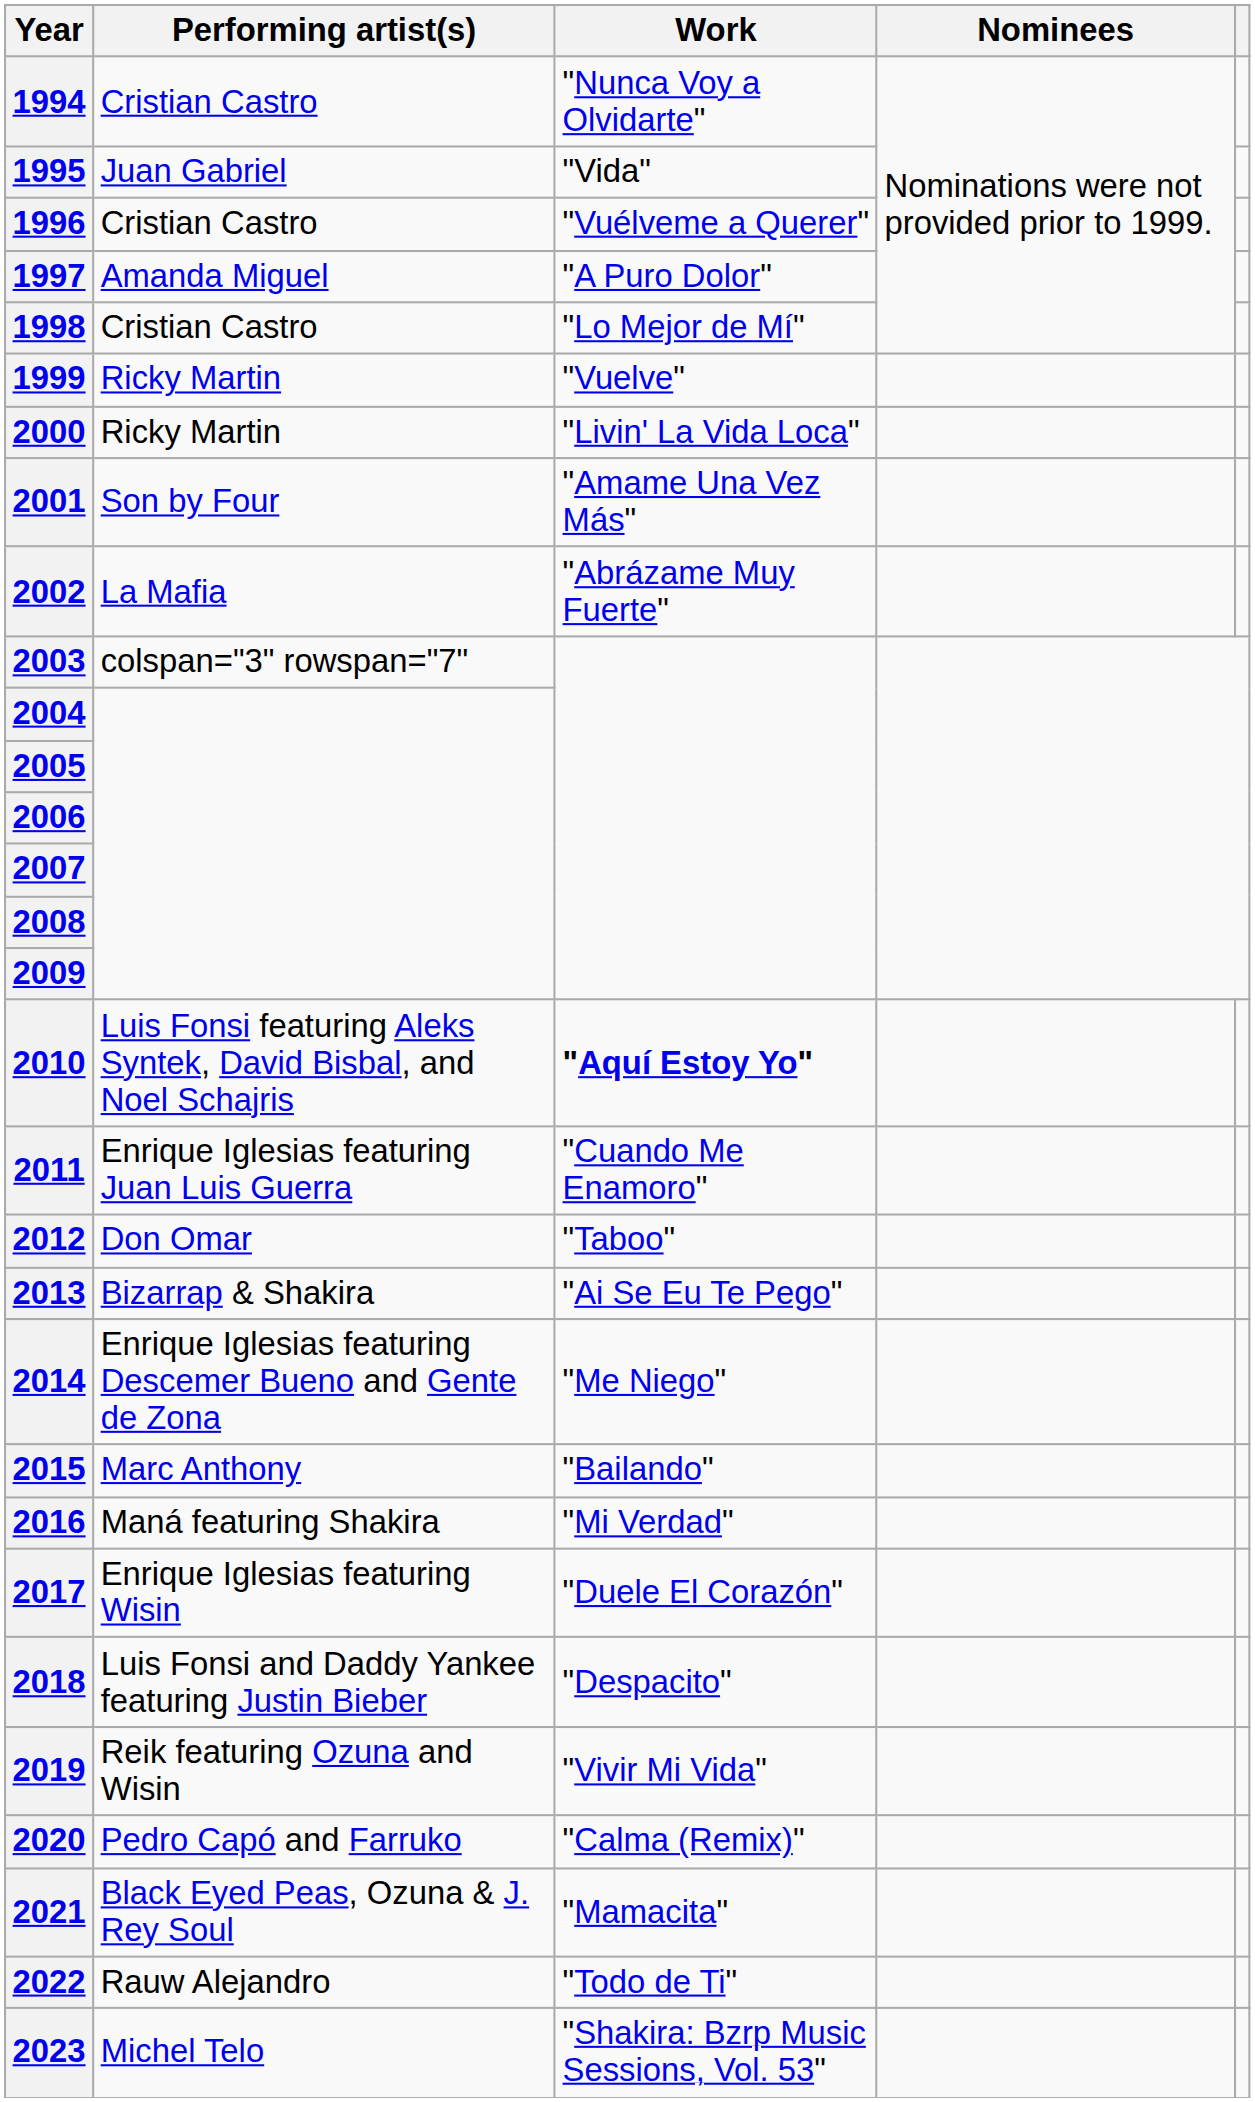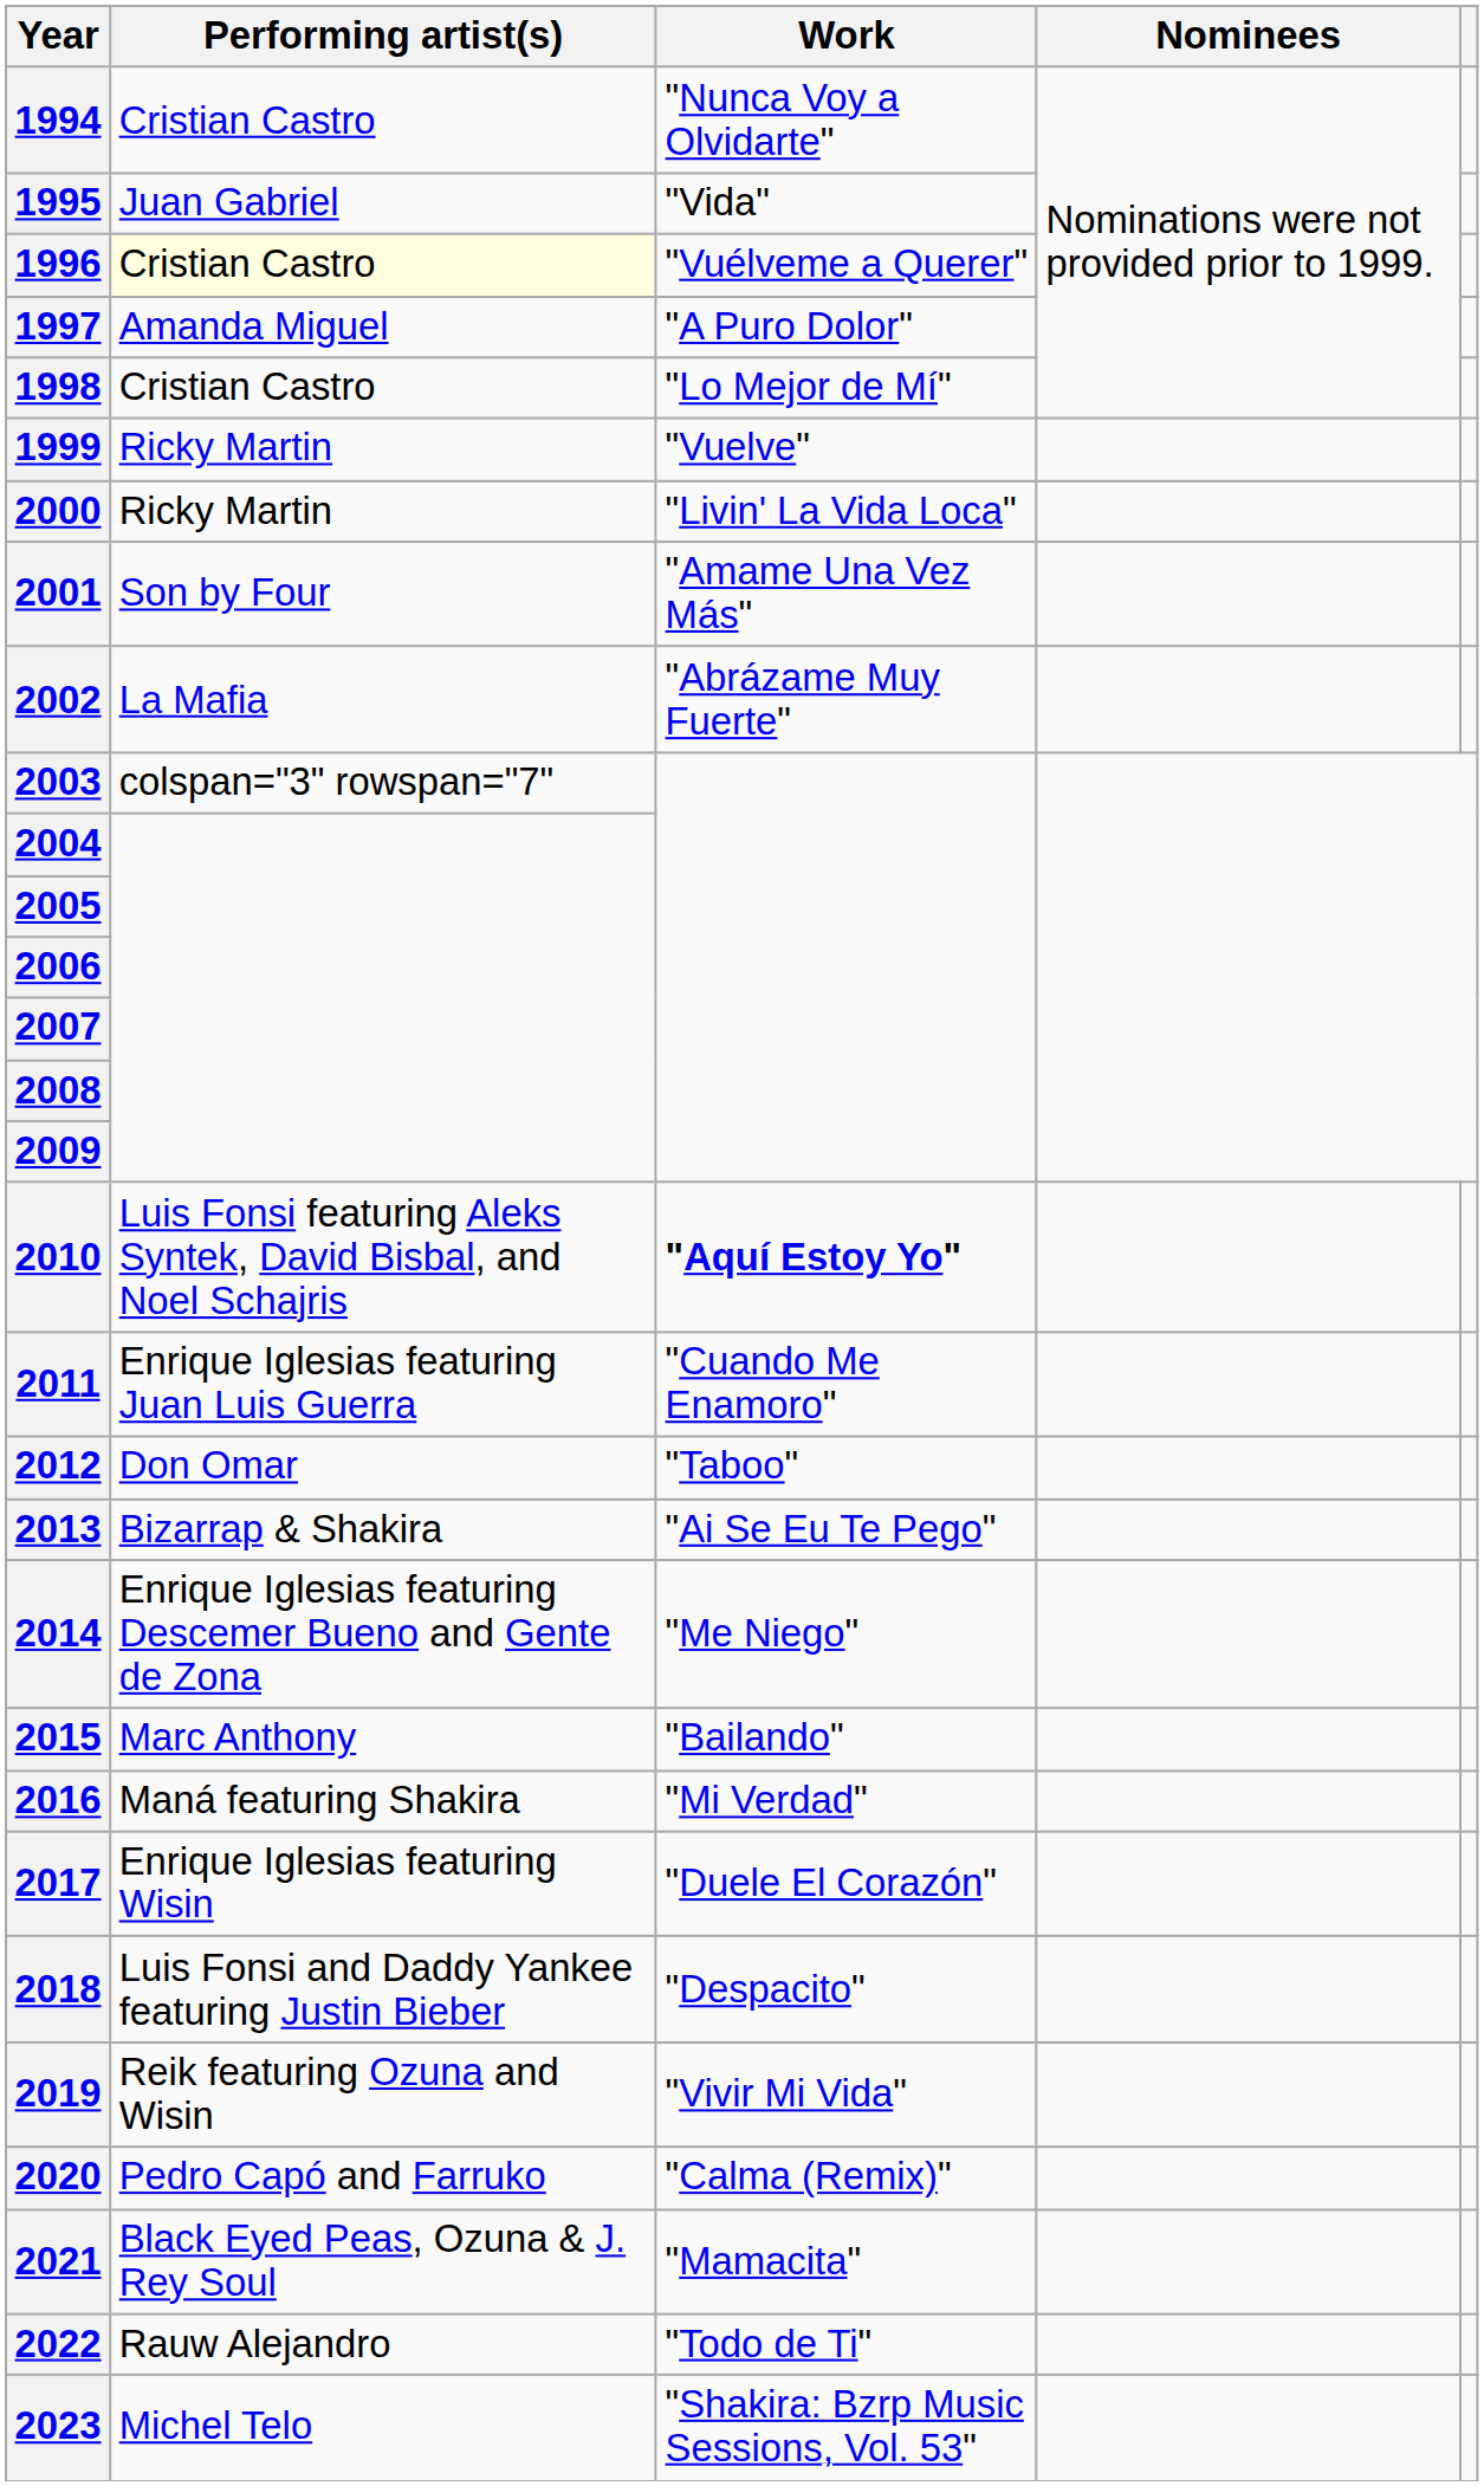 <table class="wikitable">
 <tr>
 <th>Year</th>
 <th>Performing artist(s)</th>
 <th>Work</th>
 <th>Nominees</th>
 <th></th>
 </tr>
 <tr>
 <th scope="row"><a href='#'>1994</a></th>
 <td><a href='#'>Cristian Castro</a></td>
 <td>"<a href='#'>Nunca Voy a Olvidarte</a>"</td>
 <td rowspan="5">Nominations were not provided prior to 1999.</td>
 <td></td>
 </tr>
 <tr>
 <th scope="row"><a href='#'>1995</a></th>
 <td><a href='#'>Juan Gabriel</a></td>
 <td>"Vida"</td>
 <td></td>
 </tr>
 <tr>
 <th scope="row"><a href='#'>1996</a></th>
-<td>Cristian Castro</td>
+<td style="background: lightyellow;">Cristian Castro</td>
 <td>"<a href='#'>Vuélveme a Querer</a>"</td>
 <td></td>
 </tr>
 <tr>
 <th scope="row"><a href='#'>1997</a></th>
 <td><a href='#'>Amanda Miguel</a></td>
 <td>"<a href='#'>A Puro Dolor</a>"</td>
 <td></td>
 </tr>
 <tr>
 <th scope="row"><a href='#'>1998</a></th>
 <td>Cristian Castro</td>
 <td>"<a href='#'>Lo Mejor de Mí</a>"</td>
 <td></td>
 </tr>
 <tr>
 <th scope="row"><a href='#'>1999</a></th>
 <td><a href='#'>Ricky Martin</a></td>
 <td>"<a href='#'>Vuelve</a>"</td>
 <td></td>
 <td></td>
 </tr>
 <tr>
 <th scope="row"><a href='#'>2000</a></th>
 <td>Ricky Martin</td>
 <td>"<a href='#'>Livin' La Vida Loca</a>"</td>
 <td></td>
 <td></td>
 </tr>
 <tr>
 <th scope="row"><a href='#'>2001</a></th>
 <td><a href='#'>Son by Four</a></td>
 <td>"<a href='#'>Amame Una Vez Más</a>"</td>
 <td></td>
 <td></td>
 </tr>
 <tr>
 <th scope="row"><a href='#'>2002</a></th>
 <td><a href='#'>La Mafia</a></td>
 <td>"<a href='#'>Abrázame Muy Fuerte</a>"</td>
 <td></td>
 <td></td>
 </tr>
 <tr>
 <th scope="row"><a href='#'>2003</a></th>
 <td>colspan="3" rowspan="7" </td>
 <td rowspan="7"><br><br><br><br><br><br></td>
 </tr>
 <tr>
 <th scope="row"><a href='#'>2004</a></th>
 </tr>
 <tr>
 <th scope="row"><a href='#'>2005</a></th>
 </tr>
 <tr>
 <th scope="row"><a href='#'>2006</a></th>
 </tr>
 <tr>
 <th scope="row"><a href='#'>2007</a></th>
 </tr>
 <tr>
 <th scope="row"><a href='#'>2008</a></th>
 </tr>
 <tr>
 <th scope="row"><a href='#'>2009</a></th>
 </tr>
 <tr>
 <th scope="row"><a href='#'>2010</a></th>
 <td><a href='#'>Luis Fonsi</a> featuring <a href='#'>Aleks Syntek</a>, <a href='#'>David Bisbal</a>, and <a href='#'>Noel Schajris</a></td>
 <td><strong>"<a href='#'>Aquí Estoy Yo</a>"</strong></td>
 <td></td>
 <td></td>
 </tr>
 <tr>
 <th scope="row"><a href='#'>2011</a></th>
 <td>Enrique Iglesias featuring <a href='#'>Juan Luis Guerra</a></td>
 <td>"<a href='#'>Cuando Me Enamoro</a>"</td>
 <td></td>
 <td><br></td>
 </tr>
 <tr>
 <th scope="row"><a href='#'>2012</a></th>
 <td><a href='#'>Don Omar</a></td>
 <td>"<a href='#'>Taboo</a>"</td>
 <td></td>
 <td><br></td>
 </tr>
 <tr>
 <th scope="row"><a href='#'>2013</a></th>
 <td><a href='#'>Bizarrap</a> & Shakira</td>
 <td>"<a href='#'>Ai Se Eu Te Pego</a>"</td>
 <td></td>
 <td></td>
 </tr>
 <tr>
 <th scope="row"><a href='#'>2014</a></th>
 <td>Enrique Iglesias featuring <a href='#'>Descemer Bueno</a> and <a href='#'>Gente de Zona</a></td>
 <td>"<a href='#'>Me Niego</a>"</td>
 <td></td>
 <td><br></td>
 </tr>
 <tr>
 <th scope="row"><a href='#'>2015</a></th>
 <td><a href='#'>Marc Anthony</a></td>
 <td>"<a href='#'>Bailando</a>"</td>
 <td></td>
 <td><br></td>
 </tr>
 <tr>
 <th scope="row"><a href='#'>2016</a></th>
 <td>Maná featuring Shakira</td>
 <td>"<a href='#'>Mi Verdad</a>"</td>
 <td></td>
 <td></td>
 </tr>
 <tr>
 <th scope="row"><a href='#'>2017</a></th>
 <td>Enrique Iglesias featuring <a href='#'>Wisin</a></td>
 <td>"<a href='#'>Duele El Corazón</a>"</td>
 <td></td>
 <td></td>
 </tr>
 <tr>
 <th scope="row"><a href='#'>2018</a></th>
 <td>Luis Fonsi and Daddy Yankee featuring <a href='#'>Justin Bieber</a></td>
 <td>"<a href='#'>Despacito</a>"</td>
 <td></td>
 <td></td>
 </tr>
 <tr>
 <th scope="row"><a href='#'>2019</a></th>
 <td>Reik featuring <a href='#'>Ozuna</a> and Wisin</td>
 <td>"<a href='#'>Vivir Mi Vida</a>"</td>
 <td></td>
 <td></td>
 </tr>
 <tr>
 <th scope="row"><a href='#'>2020</a></th>
 <td><a href='#'>Pedro Capó</a> and <a href='#'>Farruko</a></td>
 <td>"<a href='#'>Calma (Remix)</a>"</td>
 <td></td>
 <td></td>
 </tr>
 <tr>
 <th scope="row"><a href='#'>2021</a></th>
 <td><a href='#'>Black Eyed Peas</a>, Ozuna & <a href='#'>J. Rey Soul</a></td>
 <td>"<a href='#'>Mamacita</a>"</td>
 <td></td>
 <td></td>
 </tr>
 <tr>
 <th scope="row"><a href='#'>2022</a></th>
 <td>Rauw Alejandro</td>
 <td>"<a href='#'>Todo de Ti</a>"</td>
 <td></td>
 <td></td>
 </tr>
 <tr>
 <th scope="row"><a href='#'>2023</a></th>
 <td><a href='#'>Michel Telo</a></td>
 <td>"<a href='#'>Shakira: Bzrp Music Sessions, Vol. 53</a>"</td>
 <td></td>
 <td></td>
 </tr>
 </table>
